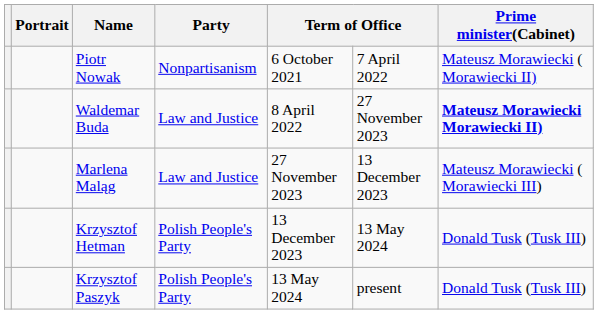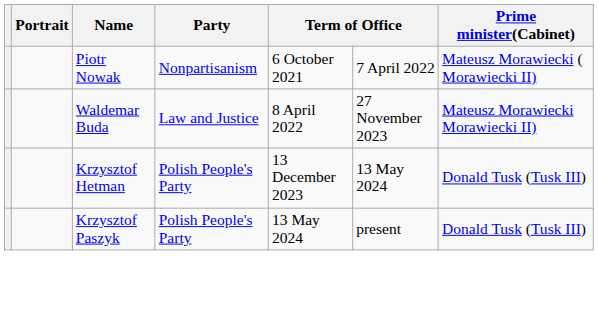 <table class="wikitable">
 <tr>
 <th></th>
 <th>Portrait</th>
 <th>Name</th>
 <th>Party</th>
 <th colspan="2">Term of Office</th>
 <th><a href='#'>Prime minister</a>(Cabinet)</th>
 </tr>
 <tr>
 <th style="background:"></th>
 <td></td>
 <td><a href='#'>Piotr Nowak</a></td>
 <td><a href='#'>Nonpartisanism</a></td>
 <td>6 October 2021</td>
 <td>7 April 2022</td>
 <td><a href='#'>Mateusz Morawiecki</a> ( <a href='#'>Morawiecki II)</a></td>
 </tr>
 <tr>
 <th style="background:"></th>
 <td></td>
 <td><a href='#'>Waldemar Buda</a></td>
 <td><a href='#'>Law and Justice</a></td>
 <td>8 April 2022</td>
 <td>27 November 2023</td>
-<td><strong><a href='#'>Mateusz Morawiecki</a> <a href='#'>Morawiecki II)</a></strong></td>
-</tr>
-<tr>
-<th style="background:"></th>
-<td></td>
-<td><a href='#'>Marlena Maląg</a></td>
-<td><a href='#'>Law and Justice</a></td>
-<td>27 November 2023</td>
-<td>13 December 2023</td>
-<td><a href='#'>Mateusz Morawiecki</a> (  <a href='#'>Morawiecki III</a>)</td>
+<td><a href='#'>Mateusz Morawiecki</a> <a href='#'>Morawiecki II)</a></td>
 </tr>
 <tr>
 <th style="background:"></th>
 <td></td>
 <td><a href='#'>Krzysztof Hetman</a></td>
 <td><a href='#'>Polish People's Party</a></td>
 <td>13 December 2023</td>
 <td>13 May 2024</td>
 <td><a href='#'>Donald Tusk</a> (<a href='#'>Tusk III</a>)</td>
 </tr>
 <tr>
 <th style="background:"></th>
 <td></td>
 <td><a href='#'>Krzysztof Paszyk</a></td>
 <td><a href='#'>Polish People's Party</a></td>
 <td>13 May 2024</td>
 <td>present</td>
 <td><a href='#'>Donald Tusk</a> (<a href='#'>Tusk III</a>)</td>
 </tr>
 </table>
